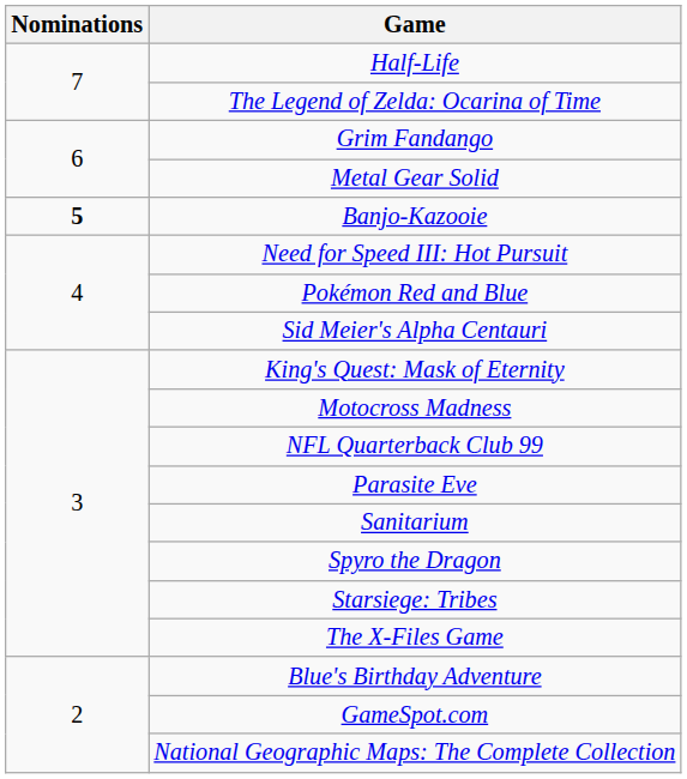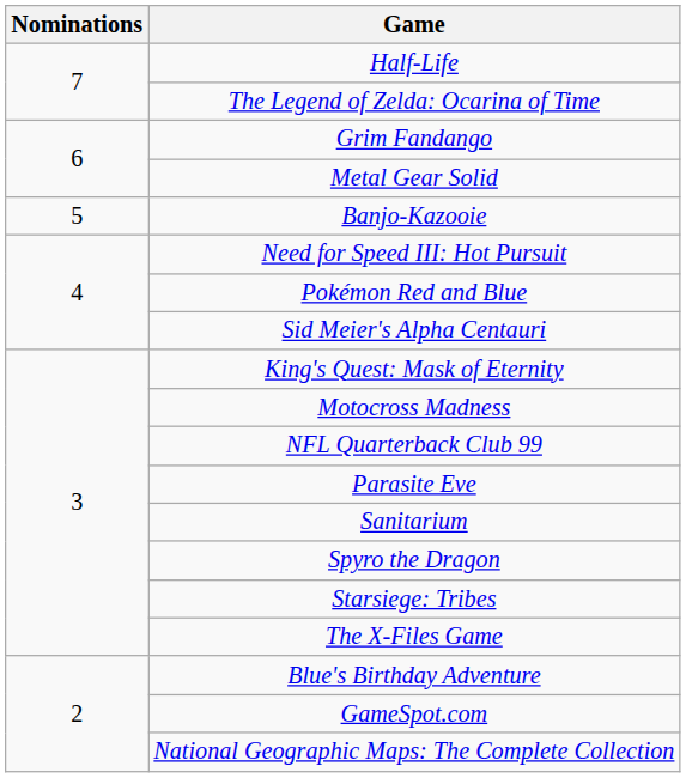 <table class="wikitable floatleft" rowspan="2" style="text-align:center;" background: #f6e39c;>
 <tr>
 <th scope="col" align="center">Nominations</th>
 <th scope="col" align="center">Game</th>
 </tr>
 <tr>
 <td rowspan=2>7</td>
 <td><em><a href='#'>Half-Life</a></em></td>
 </tr>
 <tr>
 <td><em><a href='#'>The Legend of Zelda: Ocarina of Time</a></em></td>
 </tr>
 <tr>
 <td rowspan=2>6</td>
 <td><em><a href='#'>Grim Fandango</a></em></td>
 </tr>
 <tr>
 <td><em><a href='#'>Metal Gear Solid</a></em></td>
 </tr>
 <tr>
-<td><strong>5</strong></td>
+<td>5</td>
 <td><em><a href='#'>Banjo-Kazooie</a></em></td>
 </tr>
 <tr>
 <td rowspan=3>4</td>
 <td><em><a href='#'>Need for Speed III: Hot Pursuit</a></em></td>
 </tr>
 <tr>
 <td><em><a href='#'>Pokémon Red and Blue</a></em></td>
 </tr>
 <tr>
 <td><em><a href='#'>Sid Meier's Alpha Centauri</a></em></td>
 </tr>
 <tr>
 <td rowspan=8>3</td>
 <td><em><a href='#'>King's Quest: Mask of Eternity</a></em></td>
 </tr>
 <tr>
 <td><em><a href='#'>Motocross Madness</a></em></td>
 </tr>
 <tr>
 <td><em><a href='#'>NFL Quarterback Club 99</a></em></td>
 </tr>
 <tr>
 <td><em><a href='#'>Parasite Eve</a></em></td>
 </tr>
 <tr>
 <td><em><a href='#'>Sanitarium</a></em></td>
 </tr>
 <tr>
 <td><em><a href='#'>Spyro the Dragon</a></em></td>
 </tr>
 <tr>
 <td><em><a href='#'>Starsiege: Tribes</a></em></td>
 </tr>
 <tr>
 <td><em><a href='#'>The X-Files Game</a></em></td>
 </tr>
 <tr>
 <td rowspan=3>2</td>
 <td><em><a href='#'>Blue's Birthday Adventure</a></em></td>
 </tr>
 <tr>
 <td><em><a href='#'>GameSpot.com</a></em></td>
 </tr>
 <tr>
 <td><em><a href='#'>National Geographic Maps: The Complete Collection</a></em></td>
 </tr>
 </table>
